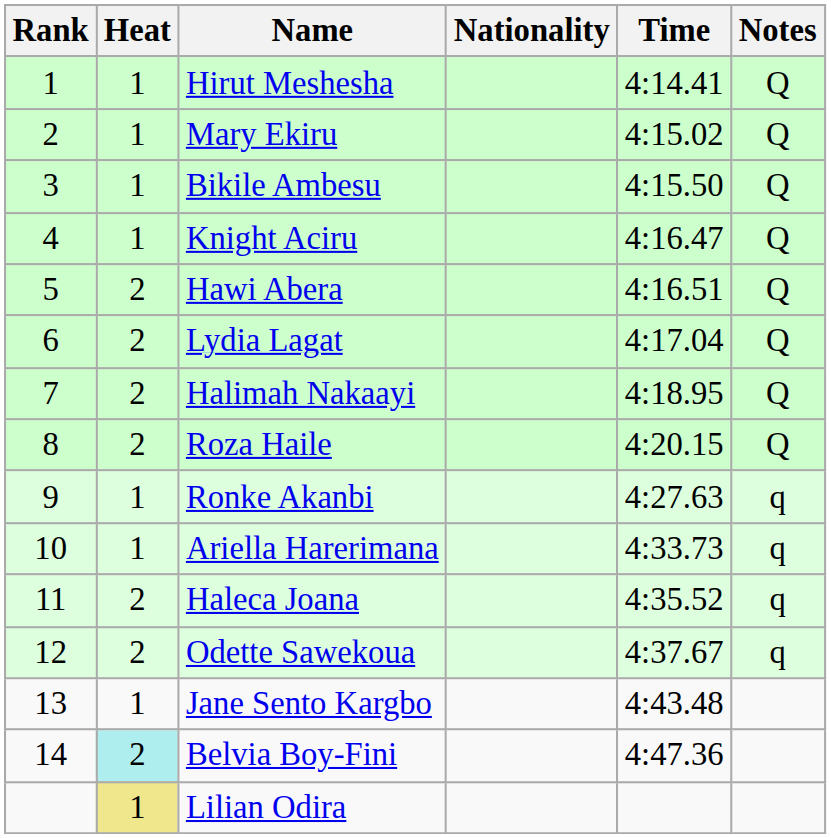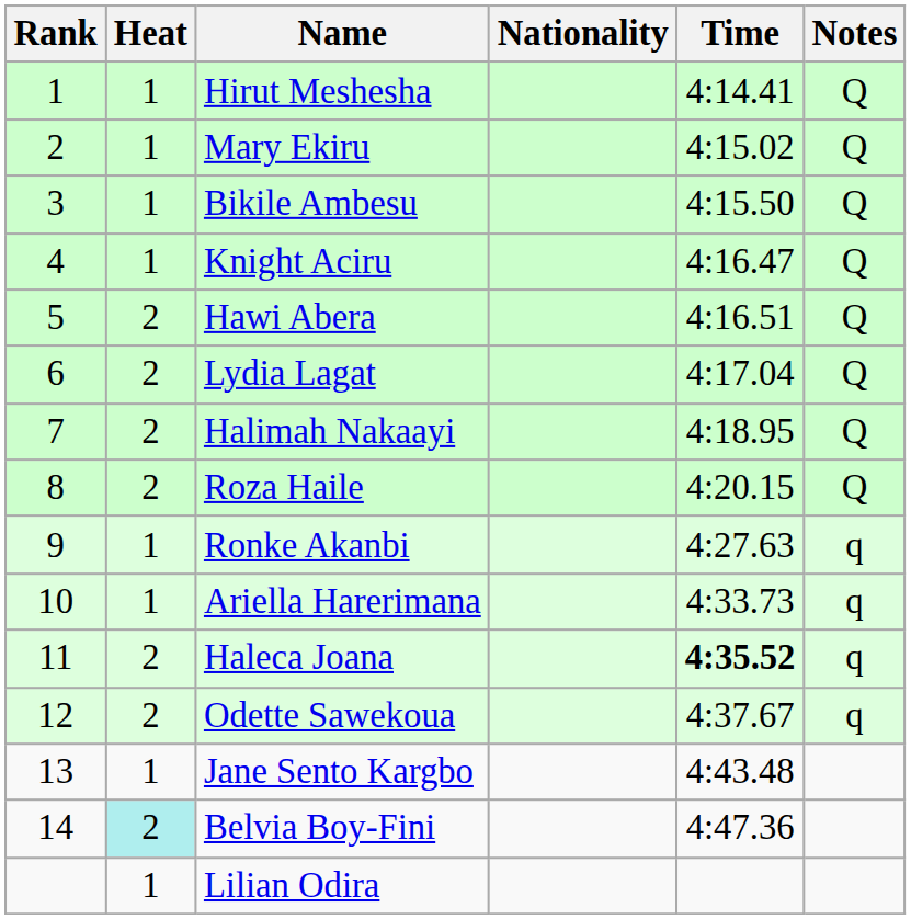 <table class="wikitable sortable" style="text-align:center">
 <tr>
 <th>Rank</th>
 <th>Heat</th>
 <th>Name</th>
 <th>Nationality</th>
 <th>Time</th>
 <th>Notes</th>
 </tr>
 <tr bgcolor=ccffcc>
 <td>1</td>
 <td>1</td>
 <td align=left><a href='#'>Hirut Meshesha</a></td>
 <td align=left></td>
 <td>4:14.41</td>
 <td>Q</td>
 </tr>
 <tr bgcolor=ccffcc>
 <td>2</td>
 <td>1</td>
 <td align=left><a href='#'>Mary Ekiru</a></td>
 <td align=left></td>
 <td>4:15.02</td>
 <td>Q</td>
 </tr>
 <tr bgcolor=ccffcc>
 <td>3</td>
 <td>1</td>
 <td align=left><a href='#'>Bikile Ambesu</a></td>
 <td align=left></td>
 <td>4:15.50</td>
 <td>Q</td>
 </tr>
 <tr bgcolor=ccffcc>
 <td>4</td>
 <td>1</td>
 <td align=left><a href='#'>Knight Aciru</a></td>
 <td align=left></td>
 <td>4:16.47</td>
 <td>Q</td>
 </tr>
 <tr bgcolor=ccffcc>
 <td>5</td>
 <td>2</td>
 <td align=left><a href='#'>Hawi Abera</a></td>
 <td align=left></td>
 <td>4:16.51</td>
 <td>Q</td>
 </tr>
 <tr bgcolor=ccffcc>
 <td>6</td>
 <td>2</td>
 <td align=left><a href='#'>Lydia Lagat</a></td>
 <td align=left></td>
 <td>4:17.04</td>
 <td>Q</td>
 </tr>
 <tr bgcolor=ccffcc>
 <td>7</td>
 <td>2</td>
 <td align=left><a href='#'>Halimah Nakaayi</a></td>
 <td align=left></td>
 <td>4:18.95</td>
 <td>Q</td>
 </tr>
 <tr bgcolor=ccffcc>
 <td>8</td>
 <td>2</td>
 <td align=left><a href='#'>Roza Haile</a></td>
 <td align=left></td>
 <td>4:20.15</td>
 <td>Q</td>
 </tr>
 <tr bgcolor=ddffdd>
 <td>9</td>
 <td>1</td>
 <td align=left><a href='#'>Ronke Akanbi</a></td>
 <td align=left></td>
 <td>4:27.63</td>
 <td>q</td>
 </tr>
 <tr bgcolor=ddffdd>
 <td>10</td>
 <td>1</td>
 <td align=left><a href='#'>Ariella Harerimana</a></td>
 <td align=left></td>
 <td>4:33.73</td>
 <td>q</td>
 </tr>
 <tr bgcolor=ddffdd>
 <td>11</td>
 <td>2</td>
 <td align=left><a href='#'>Haleca Joana</a></td>
 <td align=left></td>
-<td>4:35.52</td>
+<td><strong>4:35.52</strong></td>
 <td>q</td>
 </tr>
 <tr bgcolor=ddffdd>
 <td>12</td>
 <td>2</td>
 <td align=left><a href='#'>Odette Sawekoua</a></td>
 <td align=left></td>
 <td>4:37.67</td>
 <td>q</td>
 </tr>
 <tr>
 <td>13</td>
 <td>1</td>
 <td align=left><a href='#'>Jane Sento Kargbo</a></td>
 <td align=left></td>
 <td>4:43.48</td>
 <td></td>
 </tr>
 <tr>
 <td>14</td>
 <td style="background: paleturquoise;">2</td>
 <td align=left><a href='#'>Belvia Boy-Fini</a></td>
 <td align=left></td>
 <td>4:47.36</td>
 <td></td>
 </tr>
 <tr>
 <td></td>
-<td style="background: khaki;">1</td>
+<td>1</td>
 <td align=left><a href='#'>Lilian Odira</a></td>
 <td align=left></td>
 <td></td>
 </tr>
 </table>
